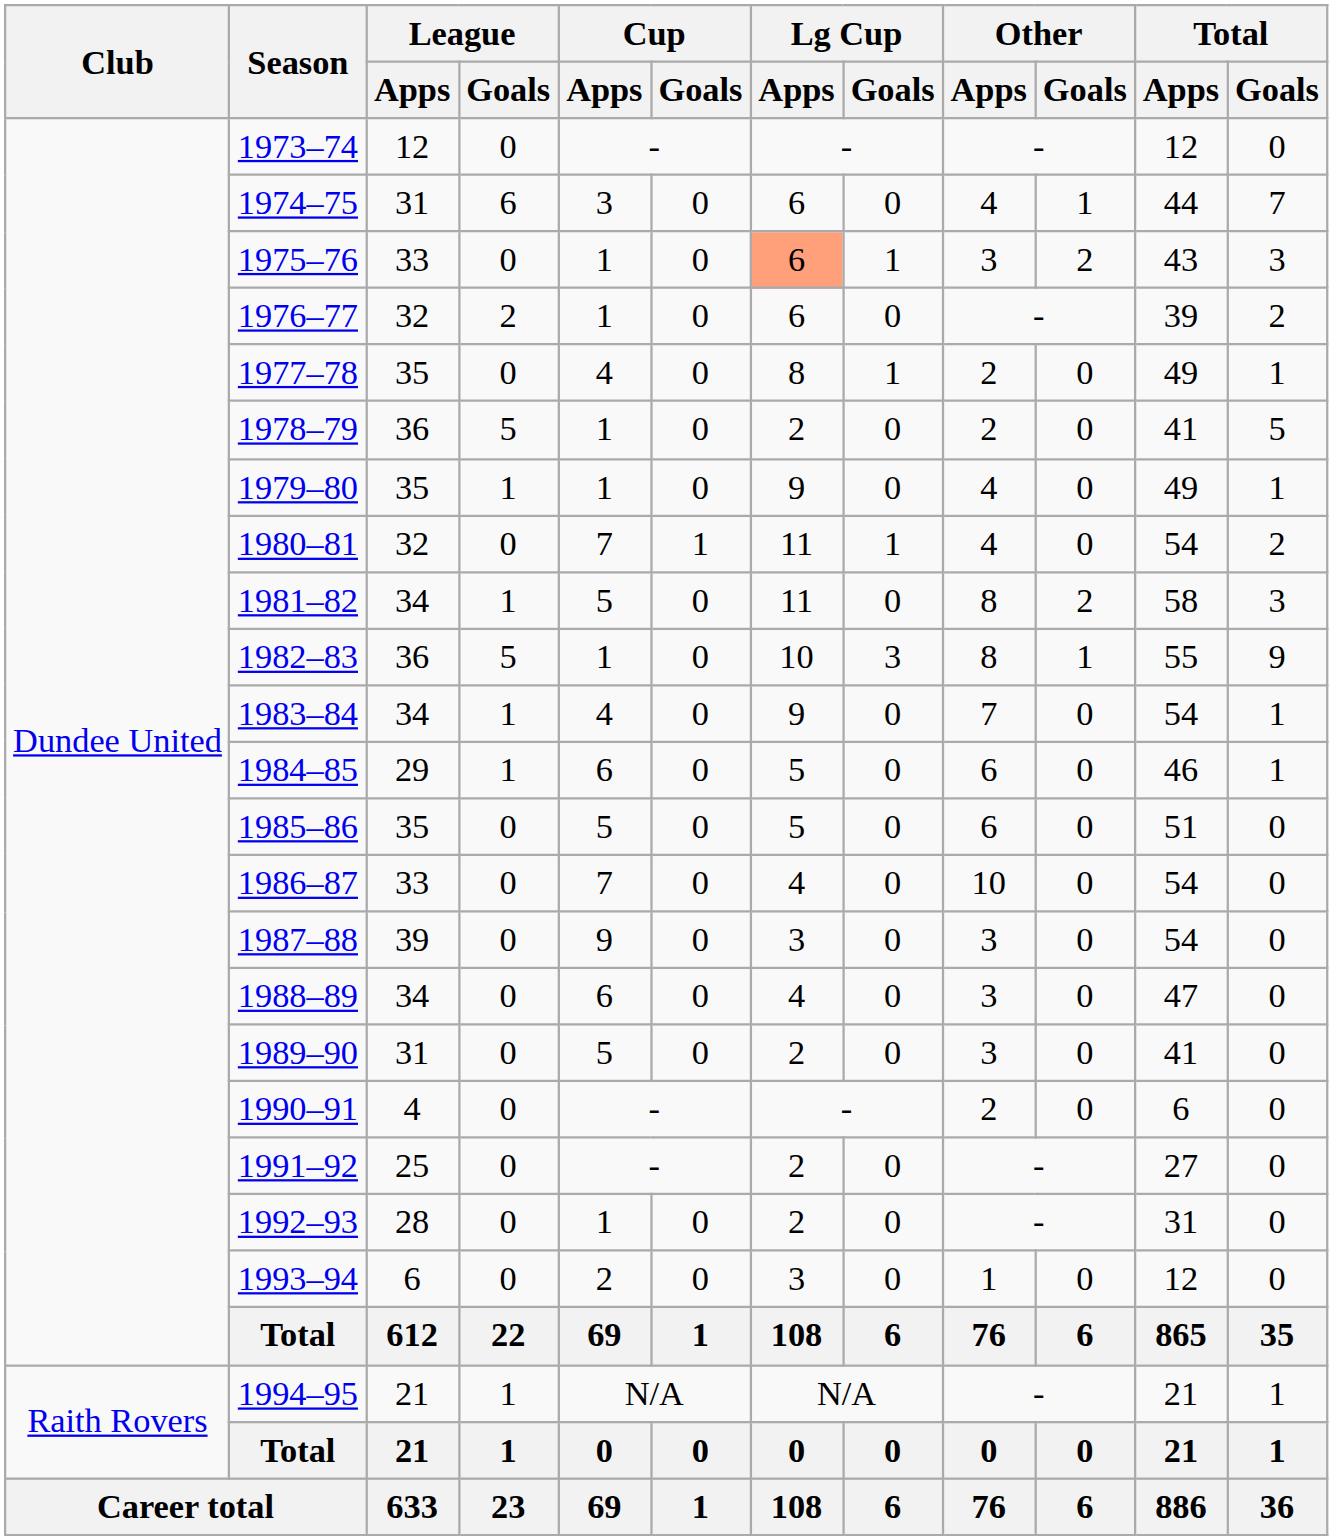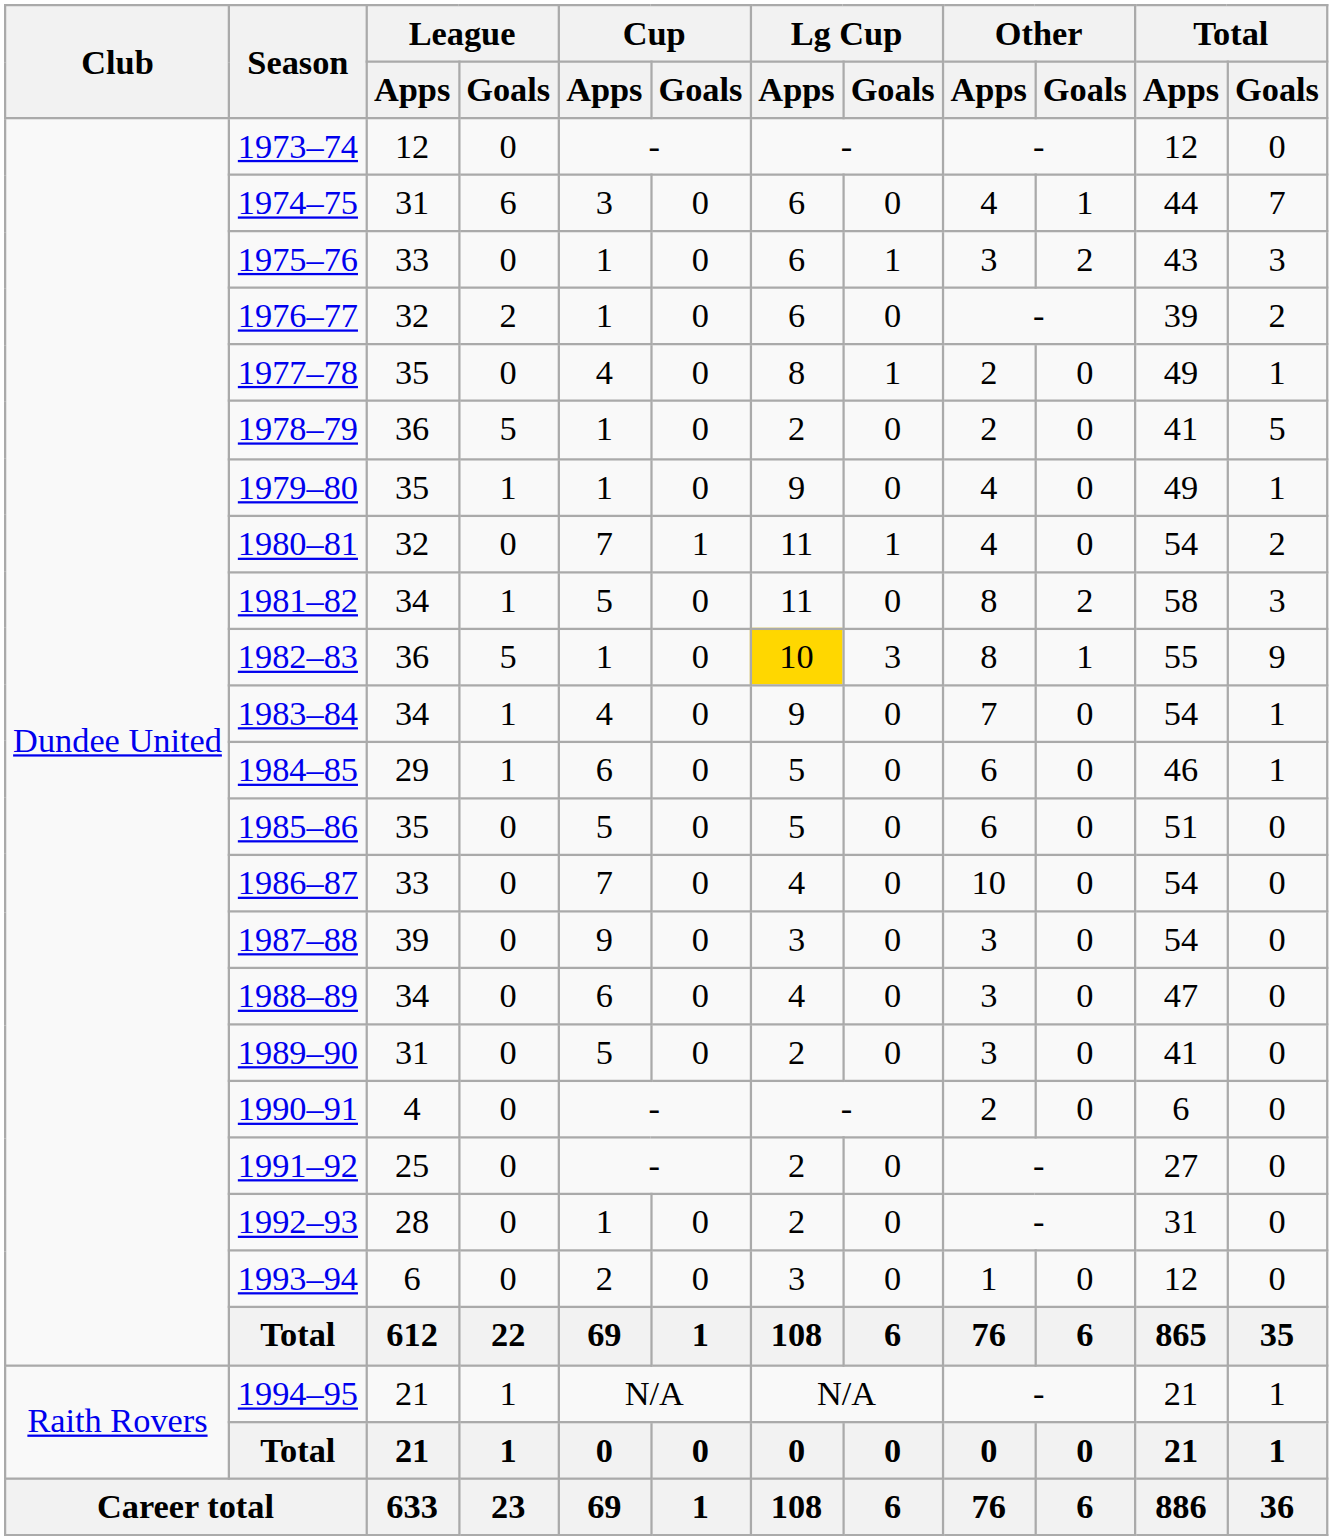 <table class="wikitable" style="font-size:95%; text-align:center">
 <tr>
 <th rowspan="2">Club</th>
 <th rowspan="2">Season</th>
 <th colspan="2">League</th>
 <th colspan="2">Cup</th>
 <th colspan="2">Lg Cup</th>
 <th colspan="2">Other</th>
 <th colspan="2">Total</th>
 </tr>
 <tr>
 <th>Apps</th>
 <th>Goals</th>
 <th>Apps</th>
 <th>Goals</th>
 <th>Apps</th>
 <th>Goals</th>
 <th>Apps</th>
 <th>Goals</th>
 <th>Apps</th>
 <th>Goals</th>
 </tr>
 <tr>
 <td rowspan="22"><a href='#'>Dundee United</a></td>
 <td><a href='#'>1973–74</a></td>
 <td>12</td>
 <td>0</td>
 <td colspan="2">-</td>
 <td colspan="2">-</td>
 <td colspan="2">-</td>
 <td>12</td>
 <td>0</td>
 </tr>
 <tr>
 <td><a href='#'>1974–75</a></td>
 <td>31</td>
 <td>6</td>
 <td>3</td>
 <td>0</td>
 <td>6</td>
 <td>0</td>
 <td>4</td>
 <td>1</td>
 <td>44</td>
 <td>7</td>
 </tr>
 <tr>
 <td><a href='#'>1975–76</a></td>
 <td>33</td>
 <td>0</td>
 <td>1</td>
 <td>0</td>
-<td style="background: lightsalmon;">6</td>
+<td>6</td>
 <td>1</td>
 <td>3</td>
 <td>2</td>
 <td>43</td>
 <td>3</td>
 </tr>
 <tr>
 <td><a href='#'>1976–77</a></td>
 <td>32</td>
 <td>2</td>
 <td>1</td>
 <td>0</td>
 <td>6</td>
 <td>0</td>
 <td colspan="2">-</td>
 <td>39</td>
 <td>2</td>
 </tr>
 <tr>
 <td><a href='#'>1977–78</a></td>
 <td>35</td>
 <td>0</td>
 <td>4</td>
 <td>0</td>
 <td>8</td>
 <td>1</td>
 <td>2</td>
 <td>0</td>
 <td>49</td>
 <td>1</td>
 </tr>
 <tr>
 <td><a href='#'>1978–79</a></td>
 <td>36</td>
 <td>5</td>
 <td>1</td>
 <td>0</td>
 <td>2</td>
 <td>0</td>
 <td>2</td>
 <td>0</td>
 <td>41</td>
 <td>5</td>
 </tr>
 <tr>
 <td><a href='#'>1979–80</a></td>
 <td>35</td>
 <td>1</td>
 <td>1</td>
 <td>0</td>
 <td>9</td>
 <td>0</td>
 <td>4</td>
 <td>0</td>
 <td>49</td>
 <td>1</td>
 </tr>
 <tr>
 <td><a href='#'>1980–81</a></td>
 <td>32</td>
 <td>0</td>
 <td>7</td>
 <td>1</td>
 <td>11</td>
 <td>1</td>
 <td>4</td>
 <td>0</td>
 <td>54</td>
 <td>2</td>
 </tr>
 <tr>
 <td><a href='#'>1981–82</a></td>
 <td>34</td>
 <td>1</td>
 <td>5</td>
 <td>0</td>
 <td>11</td>
 <td>0</td>
 <td>8</td>
 <td>2</td>
 <td>58</td>
 <td>3</td>
 </tr>
 <tr>
 <td><a href='#'>1982–83</a></td>
 <td>36</td>
 <td>5</td>
 <td>1</td>
 <td>0</td>
-<td>10</td>
+<td style="background: gold;">10</td>
 <td>3</td>
 <td>8</td>
 <td>1</td>
 <td>55</td>
 <td>9</td>
 </tr>
 <tr>
 <td><a href='#'>1983–84</a></td>
 <td>34</td>
 <td>1</td>
 <td>4</td>
 <td>0</td>
 <td>9</td>
 <td>0</td>
 <td>7</td>
 <td>0</td>
 <td>54</td>
 <td>1</td>
 </tr>
 <tr>
 <td><a href='#'>1984–85</a></td>
 <td>29</td>
 <td>1</td>
 <td>6</td>
 <td>0</td>
 <td>5</td>
 <td>0</td>
 <td>6</td>
 <td>0</td>
 <td>46</td>
 <td>1</td>
 </tr>
 <tr>
 <td><a href='#'>1985–86</a></td>
 <td>35</td>
 <td>0</td>
 <td>5</td>
 <td>0</td>
 <td>5</td>
 <td>0</td>
 <td>6</td>
 <td>0</td>
 <td>51</td>
 <td>0</td>
 </tr>
 <tr>
 <td><a href='#'>1986–87</a></td>
 <td>33</td>
 <td>0</td>
 <td>7</td>
 <td>0</td>
 <td>4</td>
 <td>0</td>
 <td>10</td>
 <td>0</td>
 <td>54</td>
 <td>0</td>
 </tr>
 <tr>
 <td><a href='#'>1987–88</a></td>
 <td>39</td>
 <td>0</td>
 <td>9</td>
 <td>0</td>
 <td>3</td>
 <td>0</td>
 <td>3</td>
 <td>0</td>
 <td>54</td>
 <td>0</td>
 </tr>
 <tr>
 <td><a href='#'>1988–89</a></td>
 <td>34</td>
 <td>0</td>
 <td>6</td>
 <td>0</td>
 <td>4</td>
 <td>0</td>
 <td>3</td>
 <td>0</td>
 <td>47</td>
 <td>0</td>
 </tr>
 <tr>
 <td><a href='#'>1989–90</a></td>
 <td>31</td>
 <td>0</td>
 <td>5</td>
 <td>0</td>
 <td>2</td>
 <td>0</td>
 <td>3</td>
 <td>0</td>
 <td>41</td>
 <td>0</td>
 </tr>
 <tr>
 <td><a href='#'>1990–91</a></td>
 <td>4</td>
 <td>0</td>
 <td colspan="2">-</td>
 <td colspan="2">-</td>
 <td>2</td>
 <td>0</td>
 <td>6</td>
 <td>0</td>
 </tr>
 <tr>
 <td><a href='#'>1991–92</a></td>
 <td>25</td>
 <td>0</td>
 <td colspan="2">-</td>
 <td>2</td>
 <td>0</td>
 <td colspan="2">-</td>
 <td>27</td>
 <td>0</td>
 </tr>
 <tr>
 <td><a href='#'>1992–93</a></td>
 <td>28</td>
 <td>0</td>
 <td>1</td>
 <td>0</td>
 <td>2</td>
 <td>0</td>
 <td colspan="2">-</td>
 <td>31</td>
 <td>0</td>
 </tr>
 <tr>
 <td><a href='#'>1993–94</a></td>
 <td>6</td>
 <td>0</td>
 <td>2</td>
 <td>0</td>
 <td>3</td>
 <td>0</td>
 <td>1</td>
 <td>0</td>
 <td>12</td>
 <td>0</td>
 </tr>
 <tr>
 <th>Total</th>
 <th>612</th>
 <th>22</th>
 <th>69</th>
 <th>1</th>
 <th>108</th>
 <th>6</th>
 <th>76</th>
 <th>6</th>
 <th>865</th>
 <th>35</th>
 </tr>
 <tr>
 <td rowspan="2"><a href='#'>Raith Rovers</a></td>
 <td><a href='#'>1994–95</a></td>
 <td>21</td>
 <td>1</td>
 <td colspan="2">N/A</td>
 <td colspan="2">N/A</td>
 <td colspan="2">-</td>
 <td>21</td>
 <td>1</td>
 </tr>
 <tr>
 <th>Total</th>
 <th>21</th>
 <th>1</th>
 <th>0</th>
 <th>0</th>
 <th>0</th>
 <th>0</th>
 <th>0</th>
 <th>0</th>
 <th>21</th>
 <th>1</th>
 </tr>
 <tr>
 <th colspan="2">Career total</th>
 <th>633</th>
 <th>23</th>
 <th>69</th>
 <th>1</th>
 <th>108</th>
 <th>6</th>
 <th>76</th>
 <th>6</th>
 <th>886</th>
 <th>36</th>
 </tr>
 </table>
